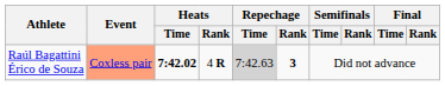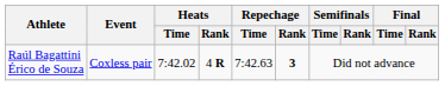 <table class="wikitable" style="font-size:90%">
 <tr>
 <th rowspan="2">Athlete</th>
 <th rowspan="2">Event</th>
 <th colspan="2">Heats</th>
 <th colspan="2">Repechage</th>
 <th colspan="2">Semifinals</th>
 <th colspan="2">Final</th>
 </tr>
 <tr style="font-size:95%">
 <th>Time</th>
 <th>Rank</th>
 <th>Time</th>
 <th>Rank</th>
 <th>Time</th>
 <th>Rank</th>
 <th>Time</th>
 <th>Rank</th>
 </tr>
 <tr align=center>
 <td align=left><a href='#'>Raúl Bagattini</a><br><a href='#'>Érico de Souza</a></td>
-<td align=left style="background: lightsalmon;"><a href='#'>Coxless pair</a></td>
-<td><strong>7:42.02</strong></td>
+<td align=left><a href='#'>Coxless pair</a></td>
+<td>7:42.02</td>
 <td>4 <strong>R</strong></td>
-<td style="background: lightgrey;">7:42.63</td>
+<td>7:42.63</td>
 <td><strong>3</strong></td>
 <td colspan="4" style="text-align:center;">Did not advance</td>
 </tr>
 </table>
